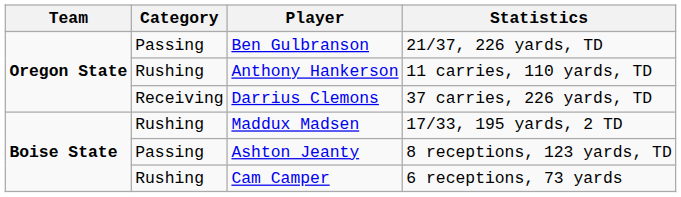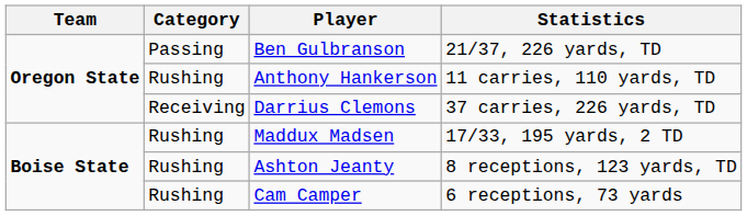 <table class="wikitable" style="float: right;">
 <tr>
 <th>Team</th>
 <th>Category</th>
 <th>Player</th>
 <th>Statistics</th>
 </tr>
 <tr>
 <td rowspan=3><strong>Oregon State</strong></td>
 <td>Passing</td>
 <td><a href='#'>Ben Gulbranson</a></td>
 <td>21/37, 226 yards, TD</td>
 </tr>
 <tr>
 <td>Rushing</td>
 <td><a href='#'>Anthony Hankerson</a></td>
 <td>11 carries, 110 yards, TD</td>
 </tr>
 <tr>
 <td>Receiving</td>
 <td><a href='#'>Darrius Clemons</a></td>
 <td>37 carries, 226 yards, TD</td>
 </tr>
 <tr>
 <td rowspan=3><strong>Boise State</strong></td>
 <td>Rushing</td>
 <td><a href='#'>Maddux Madsen</a></td>
 <td>17/33, 195 yards, 2 TD</td>
 </tr>
 <tr>
-<td>Passing</td>
+<td>Rushing</td>
 <td><a href='#'>Ashton Jeanty</a></td>
 <td>8 receptions, 123 yards, TD</td>
 </tr>
 <tr>
 <td>Rushing</td>
 <td><a href='#'>Cam Camper</a></td>
 <td>6 receptions, 73 yards</td>
 </tr>
 </table>
